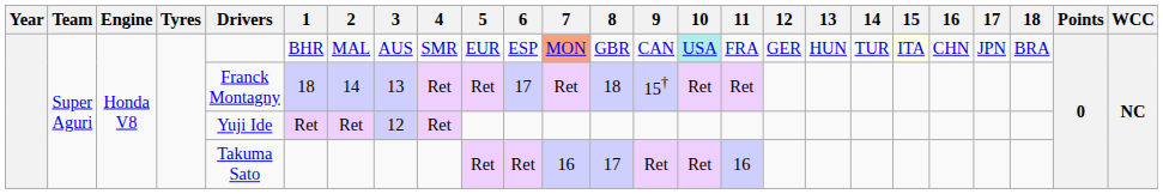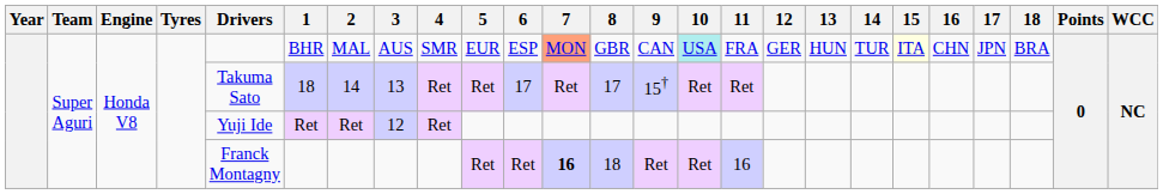 <table class="wikitable" style="text-align:center; font-size:95%">
 <tr>
 <th>Year</th>
 <th>Team</th>
 <th>Engine</th>
 <th>Tyres</th>
 <th>Drivers</th>
 <th>1</th>
 <th>2</th>
 <th>3</th>
 <th>4</th>
 <th>5</th>
 <th>6</th>
 <th>7</th>
 <th>8</th>
 <th>9</th>
 <th>10</th>
 <th>11</th>
 <th>12</th>
 <th>13</th>
 <th>14</th>
 <th>15</th>
 <th>16</th>
 <th>17</th>
 <th>18</th>
 <th>Points</th>
 <th>WCC</th>
 </tr>
 <tr>
 <th rowspan="4"></th>
 <td rowspan="4"><a href='#'>Super Aguri</a></td>
 <td rowspan="4"><a href='#'>Honda</a> <a href='#'>V8</a></td>
 <td rowspan="4"></td>
 <td></td>
 <td><a href='#'>BHR</a></td>
 <td><a href='#'>MAL</a></td>
 <td><a href='#'>AUS</a></td>
 <td><a href='#'>SMR</a></td>
 <td><a href='#'>EUR</a></td>
 <td><a href='#'>ESP</a></td>
 <td style="background: lightsalmon;"><a href='#'>MON</a></td>
 <td><a href='#'>GBR</a></td>
 <td><a href='#'>CAN</a></td>
 <td style="background: paleturquoise;"><a href='#'>USA</a></td>
 <td><a href='#'>FRA</a></td>
 <td><a href='#'>GER</a></td>
 <td><a href='#'>HUN</a></td>
 <td><a href='#'>TUR</a></td>
 <td style="background: lightyellow;"><a href='#'>ITA</a></td>
 <td><a href='#'>CHN</a></td>
 <td><a href='#'>JPN</a></td>
 <td><a href='#'>BRA</a></td>
 <th rowspan="5">0</th>
 <th rowspan="5">NC</th>
 </tr>
 <tr>
-<td> <a href='#'>Franck Montagny</a></td>
+<td> <a href='#'>Takuma Sato</a></td>
 <td style="background:#CFCFFF;">18</td>
 <td style="background:#CFCFFF;">14</td>
 <td style="background:#CFCFFF;">13</td>
 <td style="background:#EFCFFF;">Ret</td>
 <td style="background:#EFCFFF;">Ret</td>
 <td style="background:#CFCFFF;">17</td>
 <td style="background:#EFCFFF;">Ret</td>
-<td style="background:#CFCFFF;">18</td>
+<td style="background:#CFCFFF;">17</td>
 <td style="background:#CFCFFF;">15<sup>†</sup></td>
 <td style="background:#EFCFFF;">Ret</td>
 <td style="background:#EFCFFF;">Ret</td>
 <td></td>
 <td></td>
 <td></td>
 <td></td>
 <td></td>
 <td></td>
 <td></td>
 </tr>
 <tr>
 <td> <a href='#'>Yuji Ide</a></td>
 <td style="background:#EFCFFF;">Ret</td>
 <td style="background:#EFCFFF;">Ret</td>
 <td style="background:#CFCFFF;">12</td>
 <td style="background:#EFCFFF;">Ret</td>
 <td></td>
 <td></td>
 <td></td>
 <td></td>
 <td></td>
 <td></td>
 <td></td>
 <td></td>
 <td></td>
 <td></td>
 <td></td>
 <td></td>
 <td></td>
 <td></td>
 </tr>
 <tr>
-<td> <a href='#'>Takuma Sato</a></td>
+<td> <a href='#'>Franck Montagny</a></td>
 <td></td>
 <td></td>
 <td></td>
 <td></td>
 <td style="background:#EFCFFF;">Ret</td>
 <td style="background:#EFCFFF;">Ret</td>
-<td style="background:#CFCFFF;">16</td>
-<td style="background:#CFCFFF;">17</td>
+<td style="background:#CFCFFF;"><strong>16</strong></td>
+<td style="background:#CFCFFF;">18</td>
 <td style="background:#EFCFFF;">Ret</td>
 <td style="background:#EFCFFF;">Ret</td>
 <td style="background:#CFCFFF;">16</td>
 <td></td>
 <td></td>
 <td></td>
 <td></td>
 <td></td>
 <td></td>
 <td></td>
 </tr>
 </table>
